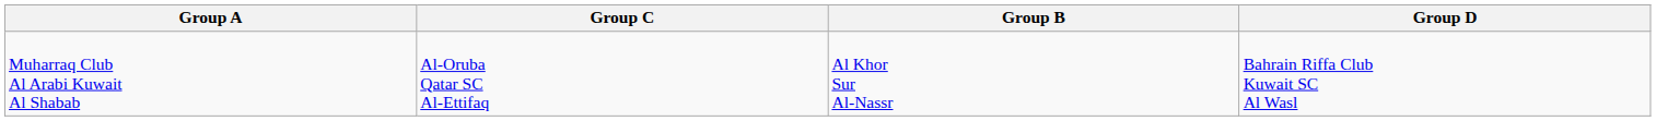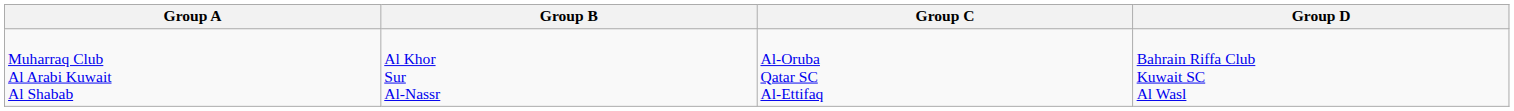 <table class="wikitable" width=98%>
 <tr>
 <th width=20%>Group A</th>
+<th width=20%>Group B</th>
 <th width=20%>Group C</th>
-<th width=20%>Group B</th>
 <th width=20%>Group D</th>
 </tr>
 <tr>
 <td><br> <a href='#'>Muharraq Club</a> <br>  <a href='#'>Al Arabi Kuwait</a> <br>  <a href='#'>Al Shabab</a> <br></td>
+<td><br> <a href='#'>Al Khor</a> <br>  <a href='#'>Sur</a> <br>  <a href='#'>Al-Nassr</a> <br></td>
 <td><br> <a href='#'>Al-Oruba</a> <br>  <a href='#'>Qatar SC</a> <br>  <a href='#'>Al-Ettifaq</a> <br></td>
-<td><br> <a href='#'>Al Khor</a> <br>  <a href='#'>Sur</a> <br>  <a href='#'>Al-Nassr</a> <br></td>
 <td><br> <a href='#'>Bahrain Riffa Club</a> <br>  <a href='#'>Kuwait SC</a> <br>  <a href='#'>Al Wasl</a> <br></td>
 </tr>
 </table>
